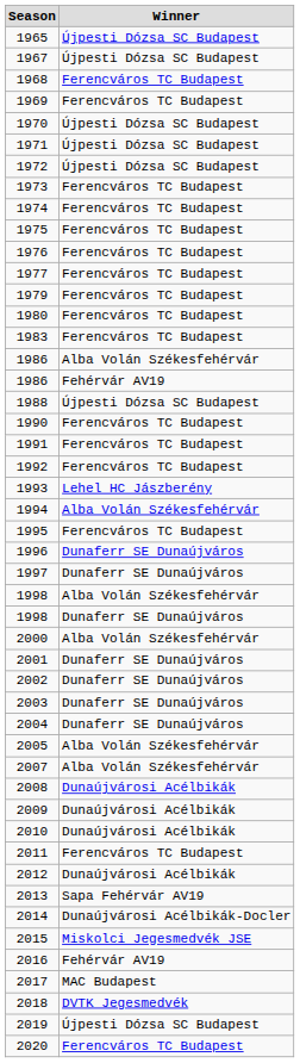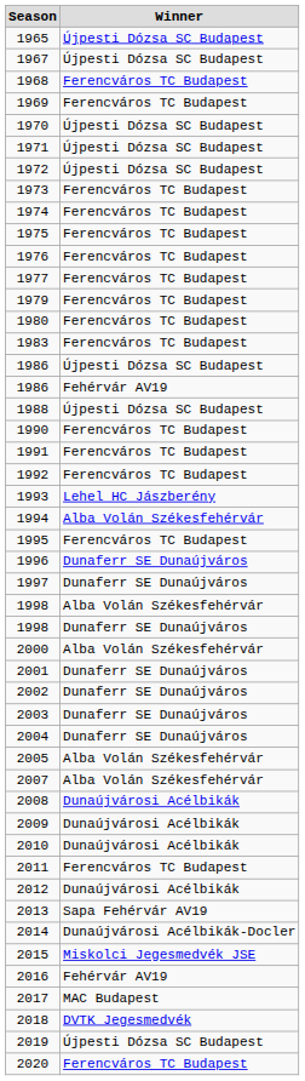 <table class="wikitable">
 <tr style="font-weight:bold; background-color:#dddddd;" align="center" |>
 <td>Season</td>
 <td>Winner</td>
 </tr>
 <tr>
 <td align="center">1965</td>
 <td><a href='#'>Újpesti Dózsa SC Budapest</a></td>
 </tr>
 <tr>
 <td align="center">1967</td>
 <td>Újpesti Dózsa SC Budapest</td>
 </tr>
 <tr>
 <td align="center">1968</td>
 <td><a href='#'>Ferencváros TC Budapest</a></td>
 </tr>
 <tr>
 <td align="center">1969</td>
 <td>Ferencváros TC Budapest</td>
 </tr>
 <tr>
 <td align="center">1970</td>
 <td>Újpesti Dózsa SC Budapest</td>
 </tr>
 <tr>
 <td align="center">1971</td>
 <td>Újpesti Dózsa SC Budapest</td>
 </tr>
 <tr>
 <td align="center">1972</td>
 <td>Újpesti Dózsa SC Budapest</td>
 </tr>
 <tr>
 <td align="center">1973</td>
 <td>Ferencváros TC Budapest</td>
 </tr>
 <tr>
 <td align="center">1974</td>
 <td>Ferencváros TC Budapest</td>
 </tr>
 <tr>
 <td align="center">1975</td>
 <td>Ferencváros TC Budapest</td>
 </tr>
 <tr>
 <td align="center">1976</td>
 <td>Ferencváros TC Budapest</td>
 </tr>
 <tr>
 <td align="center">1977</td>
 <td>Ferencváros TC Budapest</td>
 </tr>
 <tr>
 <td align="center">1979</td>
 <td>Ferencváros TC Budapest</td>
 </tr>
 <tr>
 <td align="center">1980</td>
 <td>Ferencváros TC Budapest</td>
 </tr>
 <tr>
 <td align="center">1983</td>
 <td>Ferencváros TC Budapest</td>
 </tr>
 <tr>
 <td align="center">1986</td>
-<td>Alba Volán Székesfehérvár</td>
+<td>Újpesti Dózsa SC Budapest</td>
 </tr>
 <tr>
 <td align="center">1986</td>
 <td>Fehérvár AV19</td>
 </tr>
 <tr>
 <td align="center">1988</td>
 <td>Újpesti Dózsa SC Budapest</td>
 </tr>
 <tr>
 <td align="center">1990</td>
 <td>Ferencváros TC Budapest</td>
 </tr>
 <tr>
 <td align="center">1991</td>
 <td>Ferencváros TC Budapest</td>
 </tr>
 <tr>
 <td align="center">1992</td>
 <td>Ferencváros TC Budapest</td>
 </tr>
 <tr>
 <td align="center">1993</td>
 <td><a href='#'>Lehel HC Jászberény</a></td>
 </tr>
 <tr>
 <td align="center">1994</td>
 <td><a href='#'>Alba Volán Székesfehérvár</a></td>
 </tr>
 <tr>
 <td align="center">1995</td>
 <td>Ferencváros TC Budapest</td>
 </tr>
 <tr>
 <td align="center">1996</td>
 <td><a href='#'>Dunaferr SE Dunaújváros</a></td>
 </tr>
 <tr>
 <td align="center">1997</td>
 <td>Dunaferr SE Dunaújváros</td>
 </tr>
 <tr>
 <td align="center">1998</td>
 <td>Alba Volán Székesfehérvár</td>
 </tr>
 <tr>
 <td align="center">1998</td>
 <td>Dunaferr SE Dunaújváros</td>
 </tr>
 <tr>
 <td align="center">2000</td>
 <td>Alba Volán Székesfehérvár</td>
 </tr>
 <tr>
 <td align="center">2001</td>
 <td>Dunaferr SE Dunaújváros</td>
 </tr>
 <tr>
 <td align="center">2002</td>
 <td>Dunaferr SE Dunaújváros</td>
 </tr>
 <tr>
 <td align="center">2003</td>
 <td>Dunaferr SE Dunaújváros</td>
 </tr>
 <tr>
 <td align="center">2004</td>
 <td>Dunaferr SE Dunaújváros</td>
 </tr>
 <tr>
 <td align="center">2005</td>
 <td>Alba Volán Székesfehérvár</td>
 </tr>
 <tr>
 <td align="center">2007</td>
 <td>Alba Volán Székesfehérvár</td>
 </tr>
 <tr>
 <td align="center">2008</td>
 <td><a href='#'>Dunaújvárosi Acélbikák</a></td>
 </tr>
 <tr>
 <td align="center">2009</td>
 <td>Dunaújvárosi Acélbikák</td>
 </tr>
 <tr>
 <td align="center">2010</td>
 <td>Dunaújvárosi Acélbikák</td>
 </tr>
 <tr>
 <td align="center">2011</td>
 <td>Ferencváros TC Budapest</td>
 </tr>
 <tr>
 <td align="center">2012</td>
 <td>Dunaújvárosi Acélbikák</td>
 </tr>
 <tr>
 <td align="center">2013</td>
 <td>Sapa Fehérvár AV19</td>
 </tr>
 <tr>
 <td align="center">2014</td>
 <td>Dunaújvárosi Acélbikák-Docler</td>
 </tr>
 <tr>
 <td align="center">2015</td>
 <td><a href='#'>Miskolci Jegesmedvék JSE</a></td>
 </tr>
 <tr>
 <td align="center">2016</td>
 <td>Fehérvár AV19</td>
 </tr>
 <tr>
 <td align="center">2017</td>
 <td>MAC Budapest</td>
 </tr>
 <tr>
 <td align="center">2018</td>
 <td><a href='#'>DVTK Jegesmedvék</a></td>
 </tr>
 <tr>
 <td align="center">2019</td>
 <td>Újpesti Dózsa SC Budapest</td>
 </tr>
 <tr>
 <td align="center">2020</td>
 <td><a href='#'>Ferencváros TC Budapest</a></td>
 </tr>
 </table>
